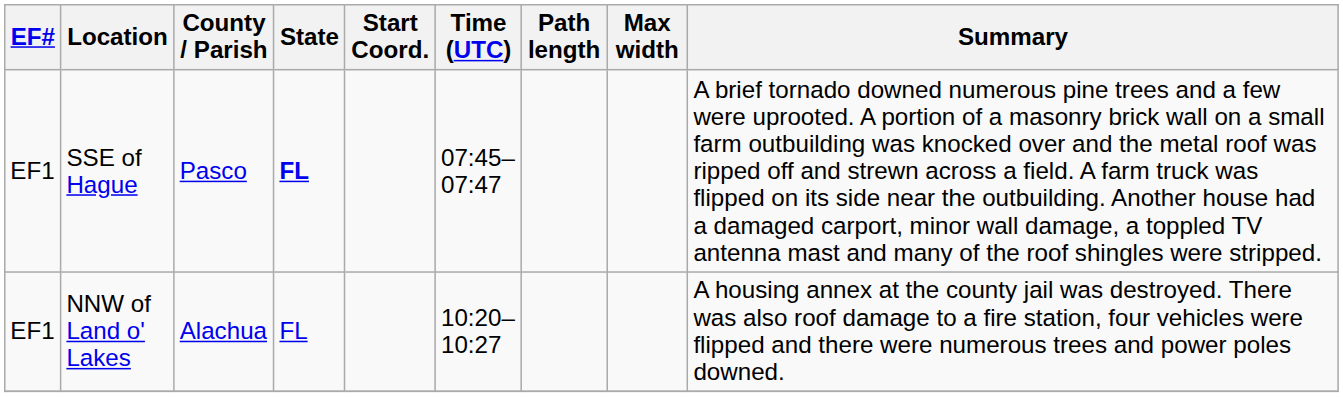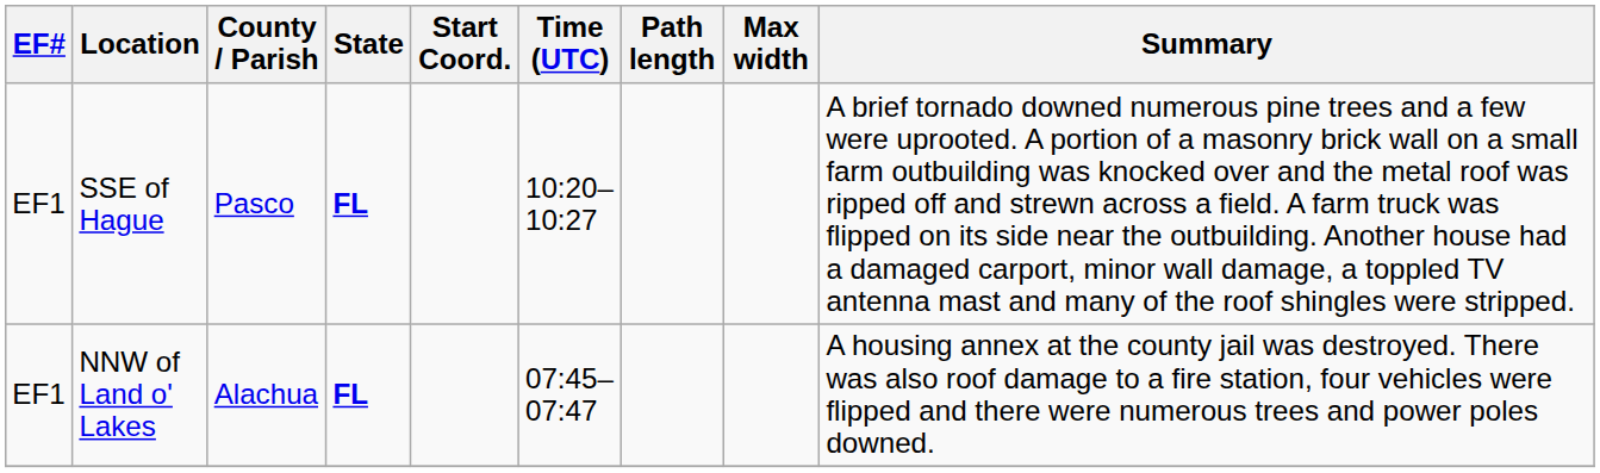 <table class="wikitable sortable" style="width:100%;">
 <tr>
 <th scope="col"  style="width:3%; text-align:center;"><a href='#'>EF#</a></th>
 <th scope="col"  style="width:7%; text-align:center;" class="unsortable">Location</th>
 <th scope="col"  style="width:6%; text-align:center;" class="unsortable">County / Parish</th>
 <th scope="col"  style="width:5%; text-align:center;">State</th>
 <th scope="col"  style="width:6%; text-align:center;">Start Coord.</th>
 <th scope="col"  style="width:6%; text-align:center;">Time (<a href='#'>UTC</a>)</th>
 <th scope="col"  style="width:6%; text-align:center;">Path length</th>
 <th scope="col"  style="width:6%; text-align:center;">Max width</th>
 <th scope="col" class="unsortable" style="width:48%; text-align:center;">Summary</th>
 </tr>
 <tr>
 <td>EF1</td>
 <td>SSE of <a href='#'>Hague</a></td>
 <td><a href='#'>Pasco</a></td>
 <td><strong><a href='#'>FL</a></strong></td>
 <td></td>
-<td>07:45–07:47</td>
+<td>10:20–10:27</td>
 <td></td>
 <td></td>
 <td>A brief tornado downed numerous pine trees and a few were uprooted. A portion of a masonry brick wall on a small farm outbuilding was knocked over and the metal roof was ripped off and strewn across a field. A farm truck was flipped on its side near the outbuilding. Another house had a damaged carport, minor wall damage, a toppled TV antenna mast and many of the roof shingles were stripped.</td>
 </tr>
 <tr>
 <td>EF1</td>
 <td>NNW of <a href='#'>Land o' Lakes</a></td>
 <td><a href='#'>Alachua</a></td>
-<td><a href='#'>FL</a></td>
+<td><strong><a href='#'>FL</a></strong></td>
 <td></td>
-<td>10:20–10:27</td>
+<td>07:45–07:47</td>
 <td></td>
 <td></td>
 <td>A housing annex at the county jail was destroyed. There was also roof damage to a fire station, four vehicles were flipped and there were numerous trees and power poles downed.</td>
 </tr>
 <tr>
 </tr>
 </table>
